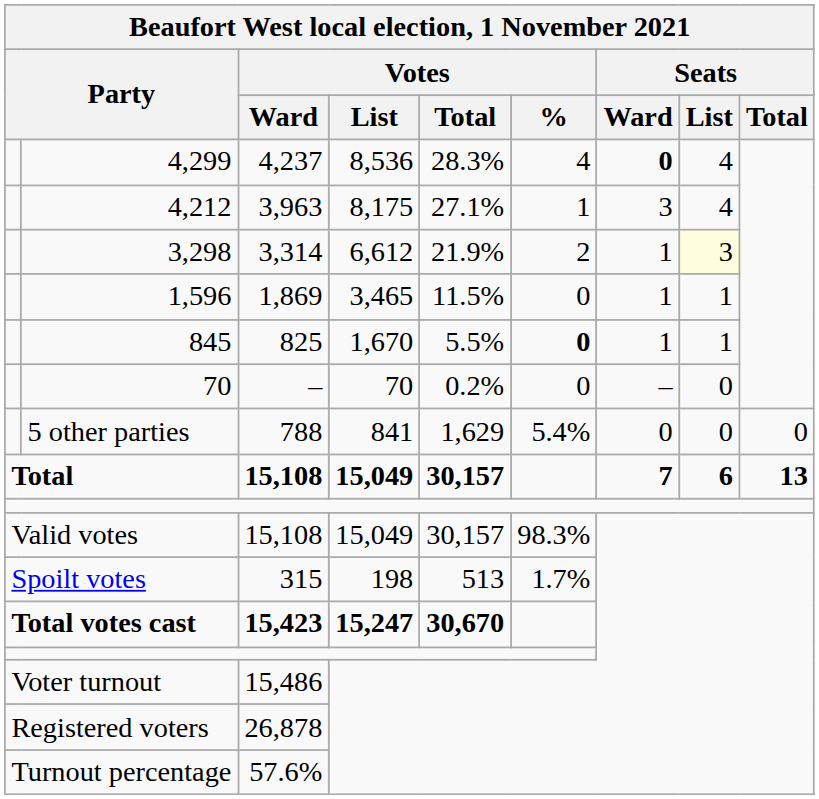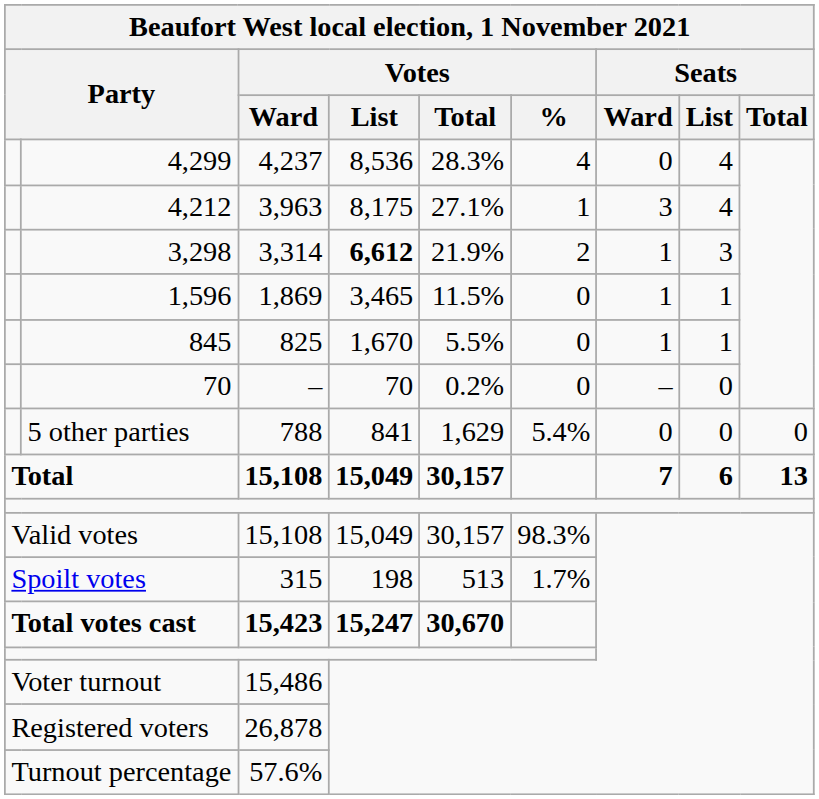 <table class=wikitable style="text-align:right">
 <tr>
 <th colspan="9" align="center">Beaufort West local election, 1 November 2021</th>
 </tr>
 <tr>
 <th rowspan="2" colspan="2">Party</th>
 <th colspan="4" align="center">Votes</th>
 <th colspan="3" align="center">Seats</th>
 </tr>
 <tr>
 <th>Ward</th>
 <th>List</th>
 <th>Total</th>
 <th>%</th>
 <th>Ward</th>
 <th>List</th>
 <th>Total</th>
 </tr>
 <tr>
 <td></td>
 <td>4,299</td>
 <td>4,237</td>
 <td>8,536</td>
 <td>28.3%</td>
 <td>4</td>
-<td><strong>0</strong></td>
+<td>0</td>
 <td>4</td>
 </tr>
 <tr>
 <td></td>
 <td>4,212</td>
 <td>3,963</td>
 <td>8,175</td>
 <td>27.1%</td>
 <td>1</td>
 <td>3</td>
 <td>4</td>
 </tr>
 <tr>
 <td></td>
 <td>3,298</td>
 <td>3,314</td>
-<td>6,612</td>
+<td><strong>6,612</strong></td>
 <td>21.9%</td>
 <td>2</td>
 <td>1</td>
-<td style="background: lightyellow;">3</td>
+<td>3</td>
 </tr>
 <tr>
 <td></td>
 <td>1,596</td>
 <td>1,869</td>
 <td>3,465</td>
 <td>11.5%</td>
 <td>0</td>
 <td>1</td>
 <td>1</td>
 </tr>
 <tr>
 <td></td>
 <td>845</td>
 <td>825</td>
 <td>1,670</td>
 <td>5.5%</td>
-<td><strong>0</strong></td>
+<td>0</td>
 <td>1</td>
 <td>1</td>
 </tr>
 <tr>
 <td></td>
 <td>70</td>
 <td>–</td>
 <td>70</td>
 <td>0.2%</td>
 <td>0</td>
 <td>–</td>
 <td>0</td>
 </tr>
 <tr>
 <td></td>
 <td style="text-align:left">5 other parties</td>
 <td>788</td>
 <td>841</td>
 <td>1,629</td>
 <td>5.4%</td>
 <td>0</td>
 <td>0</td>
 <td>0</td>
 </tr>
 <tr>
 <td colspan="2" style="text-align:left"><strong>Total</strong></td>
 <td><strong>15,108</strong></td>
 <td><strong>15,049</strong></td>
 <td><strong>30,157</strong></td>
 <td></td>
 <td><strong>7</strong></td>
 <td><strong>6</strong></td>
 <td><strong>13</strong></td>
 </tr>
 <tr>
 <td colspan="9"></td>
 </tr>
 <tr>
 <td colspan="2" style="text-align:left">Valid votes</td>
 <td>15,108</td>
 <td>15,049</td>
 <td>30,157</td>
 <td>98.3%</td>
 </tr>
 <tr>
 <td colspan="2" style="text-align:left"><a href='#'>Spoilt votes</a></td>
 <td>315</td>
 <td>198</td>
 <td>513</td>
 <td>1.7%</td>
 </tr>
 <tr>
 <td colspan="2" style="text-align:left"><strong>Total votes cast</strong></td>
 <td><strong>15,423</strong></td>
 <td><strong>15,247</strong></td>
 <td><strong>30,670</strong></td>
 <td></td>
 </tr>
 <tr>
 <td colspan="6"></td>
 </tr>
 <tr>
 <td colspan="2" style="text-align:left">Voter turnout</td>
 <td>15,486</td>
 </tr>
 <tr>
 <td colspan="2" style="text-align:left">Registered voters</td>
 <td>26,878</td>
 </tr>
 <tr>
 <td colspan="2" style="text-align:left">Turnout percentage</td>
 <td>57.6%</td>
 </tr>
 </table>
